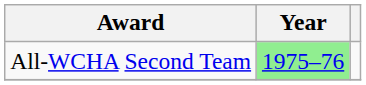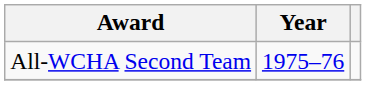 <table class="wikitable">
 <tr>
 <th>Award</th>
 <th>Year</th>
 <th></th>
 </tr>
 <tr>
 <td>All-<a href='#'>WCHA</a> <a href='#'>Second Team</a></td>
-<td style="background: lightgreen;"><a href='#'>1975–76</a></td>
+<td><a href='#'>1975–76</a></td>
 <td></td>
 </tr>
 <tr>
 </tr>
 </table>
